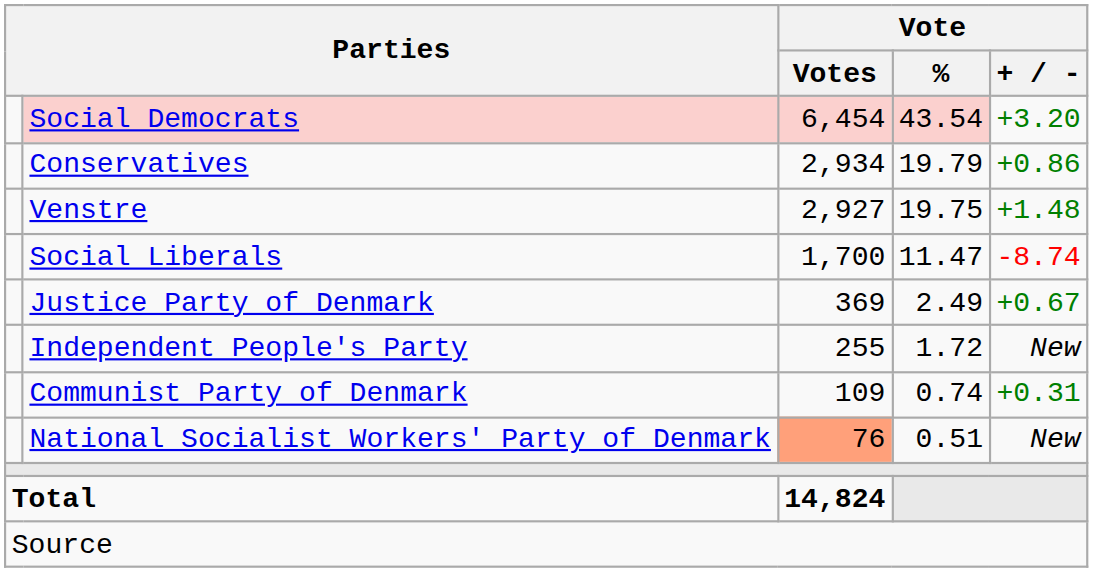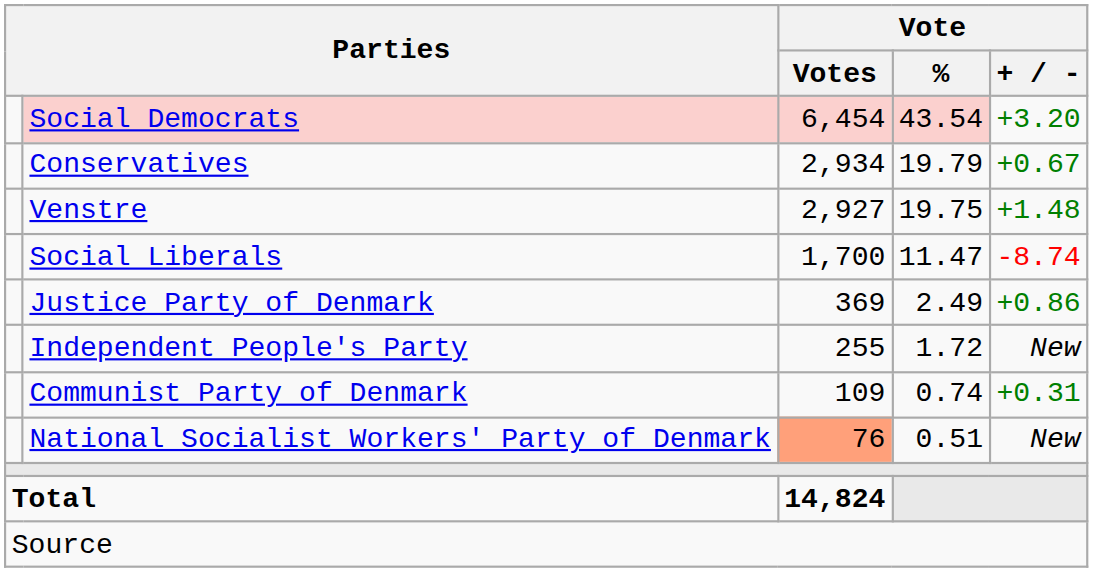 <table class="wikitable" style="text-align:right;">
 <tr>
 <th style="text-align:centre;" rowspan="2" colspan="2" width="225">Parties</th>
 <th colspan="3">Vote</th>
 </tr>
 <tr>
 <th width="15">Votes</th>
 <th width="15">%</th>
 <th width="15">+ / -</th>
 </tr>
 <tr>
 <td width="2" style="color:inherit;background:"></td>
 <td bgcolor=#fbd0ce  align="left"><a href='#'>Social Democrats</a></td>
 <td bgcolor=#fbd0ce>6,454</td>
 <td bgcolor=#fbd0ce>43.54</td>
 <td style=color:green;>+3.20</td>
 </tr>
 <tr>
 <td width="2" style="color:inherit;background:"></td>
 <td align="left"><a href='#'>Conservatives</a></td>
 <td>2,934</td>
 <td>19.79</td>
-<td style=color:green;>+0.86</td>
+<td style=color:green;>+0.67</td>
 </tr>
 <tr>
 <td width="2" style="color:inherit;background:"></td>
 <td align="left"><a href='#'>Venstre</a></td>
 <td>2,927</td>
 <td>19.75</td>
 <td style=color:green;>+1.48</td>
 </tr>
 <tr>
 <td width="2" style="color:inherit;background:"></td>
 <td align="left"><a href='#'>Social Liberals</a></td>
 <td>1,700</td>
 <td>11.47</td>
 <td style=color:red;>-8.74</td>
 </tr>
 <tr>
 <td width="2" style="color:inherit;background:"></td>
 <td align="left"><a href='#'>Justice Party of Denmark</a></td>
 <td>369</td>
 <td>2.49</td>
-<td style=color:green;>+0.67</td>
+<td style=color:green;>+0.86</td>
 </tr>
 <tr>
 <td width="2" style="color:inherit;background:"></td>
 <td align="left"><a href='#'>Independent People's Party</a></td>
 <td>255</td>
 <td>1.72</td>
 <td><em>New</em></td>
 </tr>
 <tr>
 <td width="2" style="color:inherit;background:"></td>
 <td align="left"><a href='#'>Communist Party of Denmark</a></td>
 <td>109</td>
 <td>0.74</td>
 <td style=color:green;>+0.31</td>
 </tr>
 <tr>
 <td width="2" style="color:inherit;background:"></td>
 <td align="left"><a href='#'>National Socialist Workers' Party of Denmark</a></td>
 <td style="background: lightsalmon;">76</td>
 <td>0.51</td>
 <td><em>New</em></td>
 </tr>
 <tr>
 <td colspan="7" bgcolor="#E9E9E9"></td>
 </tr>
 <tr>
 <td align="left" colspan="2"><strong>Total</strong></td>
 <td><strong>14,824</strong></td>
 <td bgcolor="#E9E9E9" colspan="2"></td>
 </tr>
 <tr>
 <td align="left" colspan="6">Source</td>
 </tr>
 </table>
